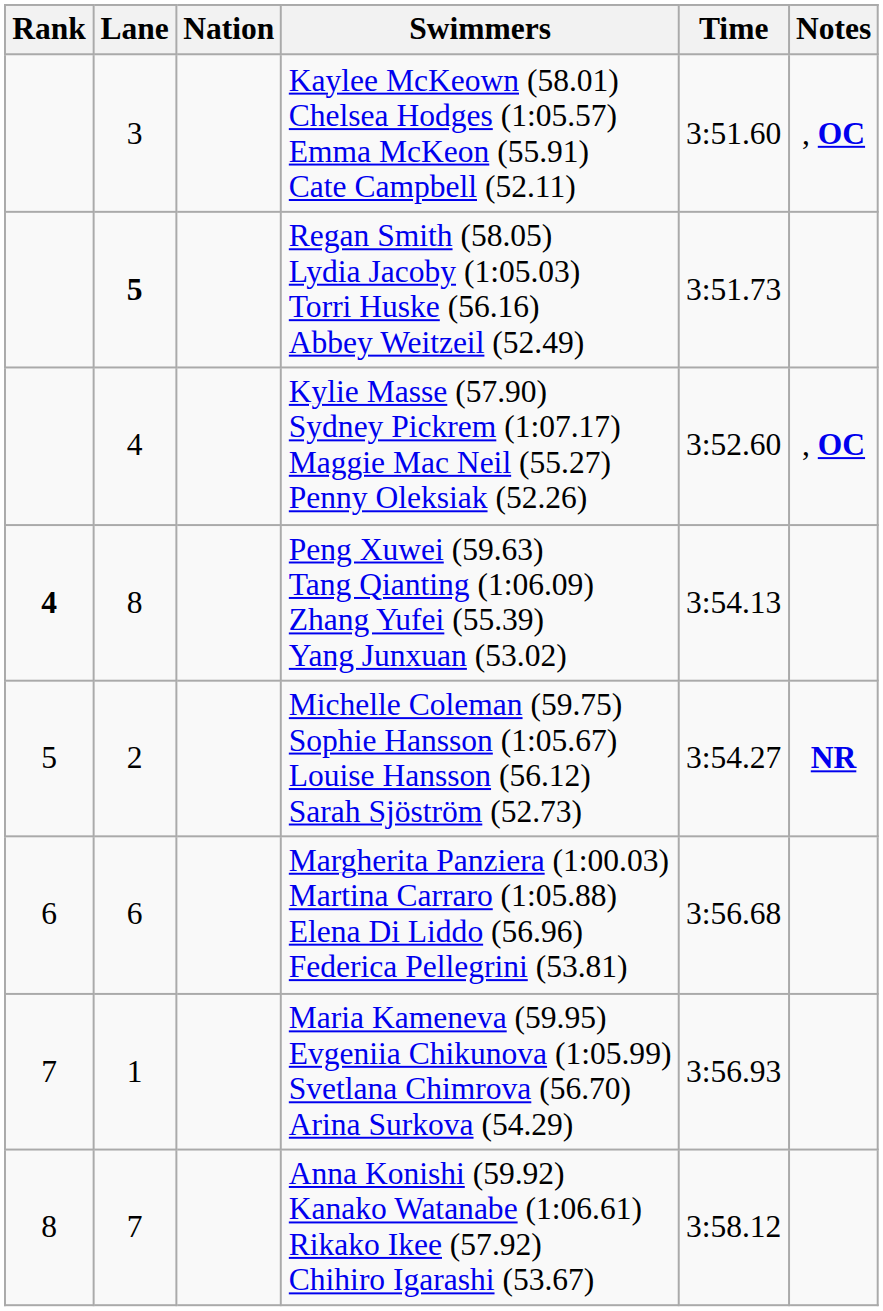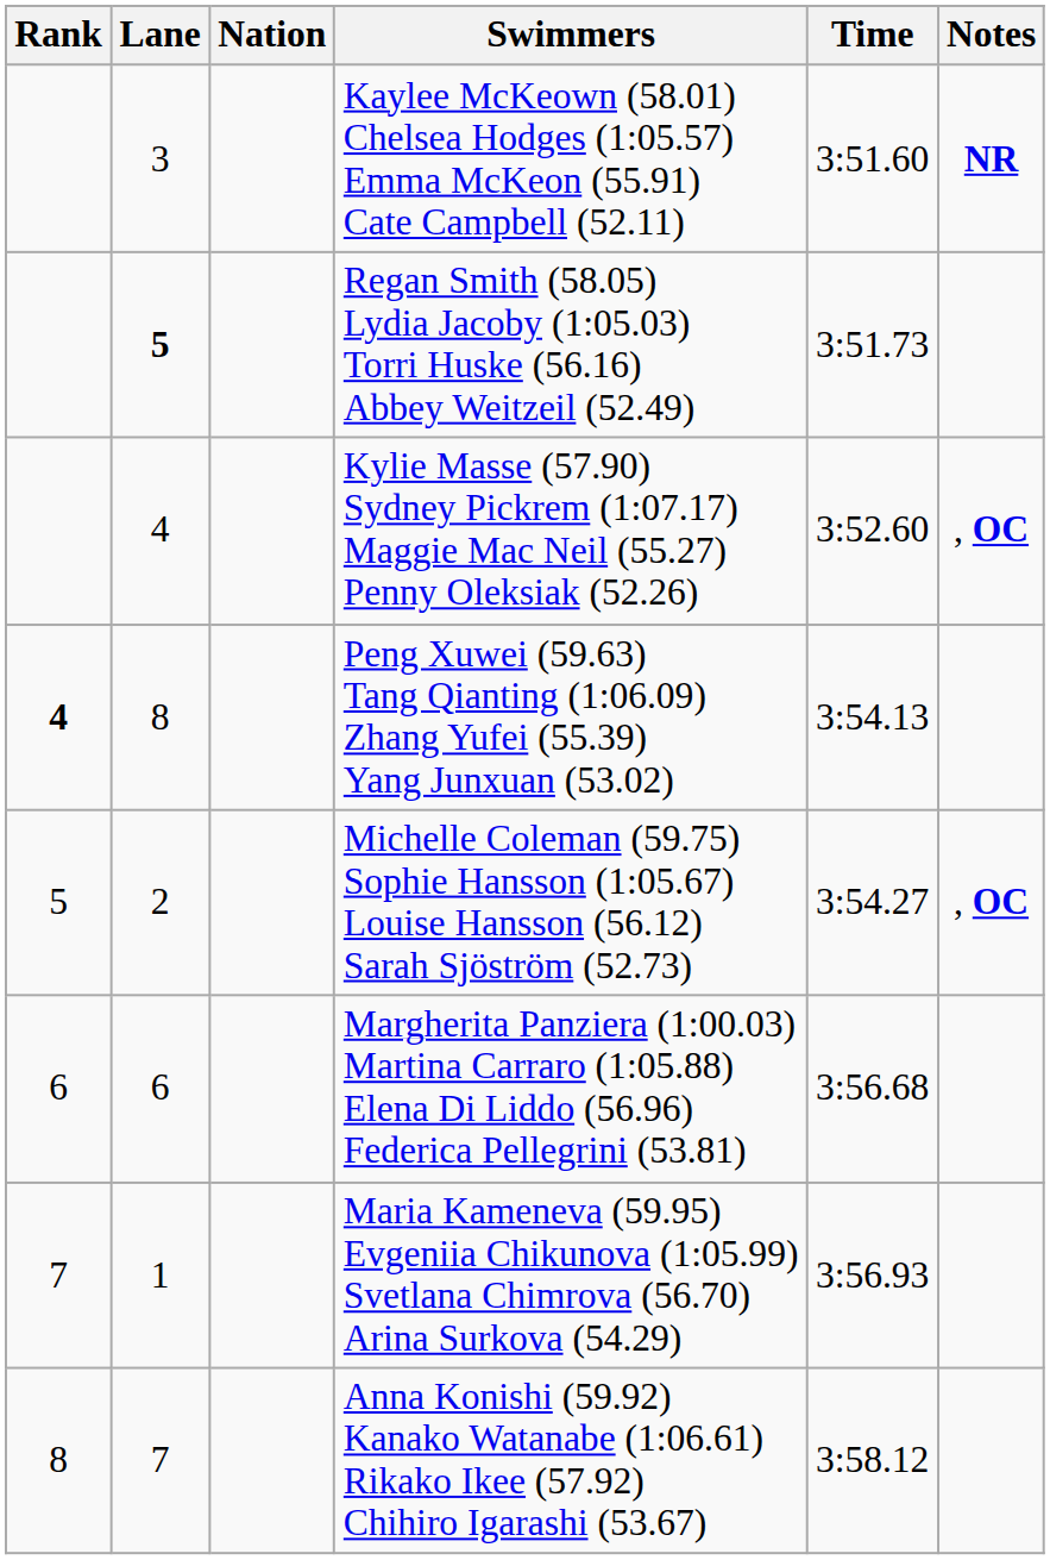 <table class="wikitable sortable" style="text-align:center">
 <tr>
 <th>Rank</th>
 <th>Lane</th>
 <th>Nation</th>
 <th>Swimmers</th>
 <th>Time</th>
 <th>Notes</th>
 </tr>
 <tr>
 <td></td>
 <td>3</td>
 <td align=left></td>
 <td align=left><a href='#'>Kaylee McKeown</a> (58.01)<br><a href='#'>Chelsea Hodges</a> (1:05.57)<br><a href='#'>Emma McKeon</a> (55.91)<br><a href='#'>Cate Campbell</a> (52.11)</td>
 <td>3:51.60</td>
-<td>, <strong><a href='#'>OC</a></strong></td>
+<td><strong><a href='#'>NR</a></strong></td>
 </tr>
 <tr>
 <td></td>
 <td><strong>5</strong></td>
 <td align=left></td>
 <td align=left><a href='#'>Regan Smith</a> (58.05)<br><a href='#'>Lydia Jacoby</a> (1:05.03)<br><a href='#'>Torri Huske</a> (56.16)<br><a href='#'>Abbey Weitzeil</a> (52.49)</td>
 <td>3:51.73</td>
 <td></td>
 </tr>
 <tr>
 <td></td>
 <td>4</td>
 <td align=left></td>
 <td align=left><a href='#'>Kylie Masse</a> (57.90)<br><a href='#'>Sydney Pickrem</a> (1:07.17)<br><a href='#'>Maggie Mac Neil</a> (55.27)<br><a href='#'>Penny Oleksiak</a> (52.26)</td>
 <td>3:52.60</td>
 <td>, <strong><a href='#'>OC</a></strong></td>
 </tr>
 <tr>
 <td><strong>4</strong></td>
 <td>8</td>
 <td align=left></td>
 <td align=left><a href='#'>Peng Xuwei</a> (59.63)<br><a href='#'>Tang Qianting</a> (1:06.09)<br><a href='#'>Zhang Yufei</a> (55.39)<br><a href='#'>Yang Junxuan</a> (53.02)</td>
 <td>3:54.13</td>
 <td></td>
 </tr>
 <tr>
 <td>5</td>
 <td>2</td>
 <td align=left></td>
 <td align=left><a href='#'>Michelle Coleman</a> (59.75)<br><a href='#'>Sophie Hansson</a> (1:05.67)<br><a href='#'>Louise Hansson</a> (56.12)<br><a href='#'>Sarah Sjöström</a> (52.73)</td>
 <td>3:54.27</td>
-<td><strong><a href='#'>NR</a></strong></td>
+<td>, <strong><a href='#'>OC</a></strong></td>
 </tr>
 <tr>
 <td>6</td>
 <td>6</td>
 <td align=left></td>
 <td align=left><a href='#'>Margherita Panziera</a> (1:00.03)<br><a href='#'>Martina Carraro</a> (1:05.88)<br><a href='#'>Elena Di Liddo</a> (56.96)<br><a href='#'>Federica Pellegrini</a> (53.81)</td>
 <td>3:56.68</td>
 <td></td>
 </tr>
 <tr>
 <td>7</td>
 <td>1</td>
 <td align=left></td>
 <td align=left><a href='#'>Maria Kameneva</a> (59.95)<br><a href='#'>Evgeniia Chikunova</a> (1:05.99)<br><a href='#'>Svetlana Chimrova</a> (56.70)<br><a href='#'>Arina Surkova</a> (54.29)</td>
 <td>3:56.93</td>
 <td></td>
 </tr>
 <tr>
 <td>8</td>
 <td>7</td>
 <td align=left></td>
 <td align=left><a href='#'>Anna Konishi</a> (59.92)<br><a href='#'>Kanako Watanabe</a> (1:06.61)<br><a href='#'>Rikako Ikee</a> (57.92)<br><a href='#'>Chihiro Igarashi</a> (53.67)</td>
 <td>3:58.12</td>
 <td></td>
 </tr>
 </table>
